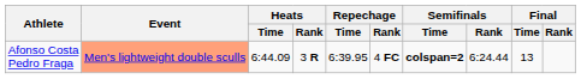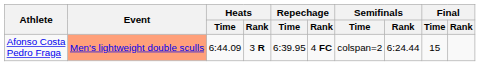 <table class="wikitable" style="font-size:90%">
 <tr>
 <th rowspan="2">Athlete</th>
 <th rowspan="2">Event</th>
 <th colspan="2">Heats</th>
 <th colspan="2">Repechage</th>
 <th colspan="2">Semifinals</th>
 <th colspan="2">Final</th>
 </tr>
 <tr style="font-size:95%">
 <th>Time</th>
 <th>Rank</th>
 <th>Time</th>
 <th>Rank</th>
 <th>Time</th>
 <th>Rank</th>
 <th>Time</th>
 <th>Rank</th>
 </tr>
 <tr align=center>
 <td align=left><a href='#'>Afonso Costa</a><br><a href='#'>Pedro Fraga</a></td>
 <td align=left style="background: lightsalmon;"><a href='#'>Men's lightweight double sculls</a></td>
 <td>6:44.09</td>
 <td>3 <strong>R</strong></td>
 <td>6:39.95</td>
 <td>4 <strong>FC</strong></td>
-<td><strong>colspan=2 </strong></td>
+<td>colspan=2 </td>
 <td>6:24.44</td>
-<td>13</td>
+<td>15</td>
 </tr>
 </table>
